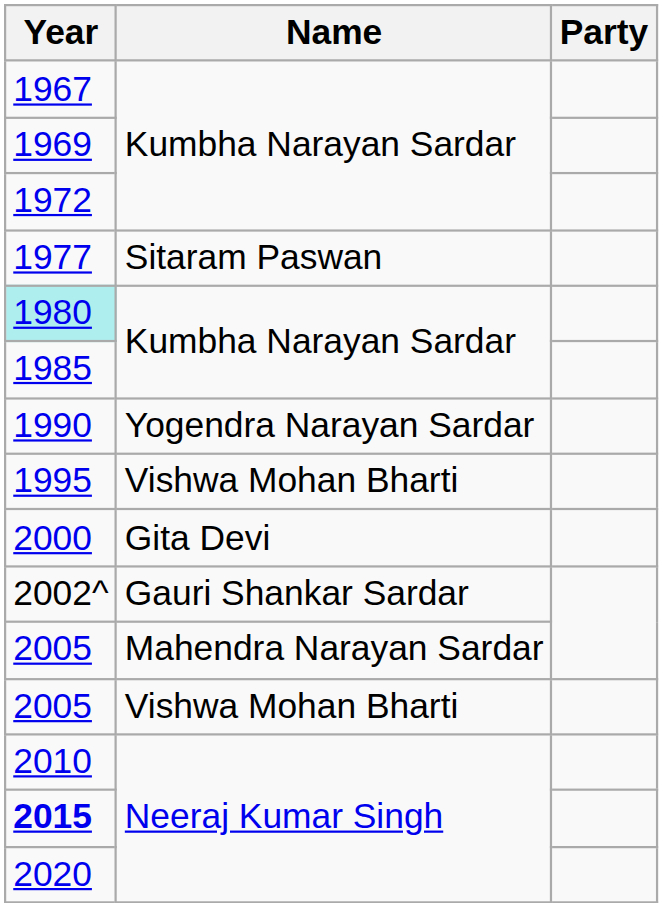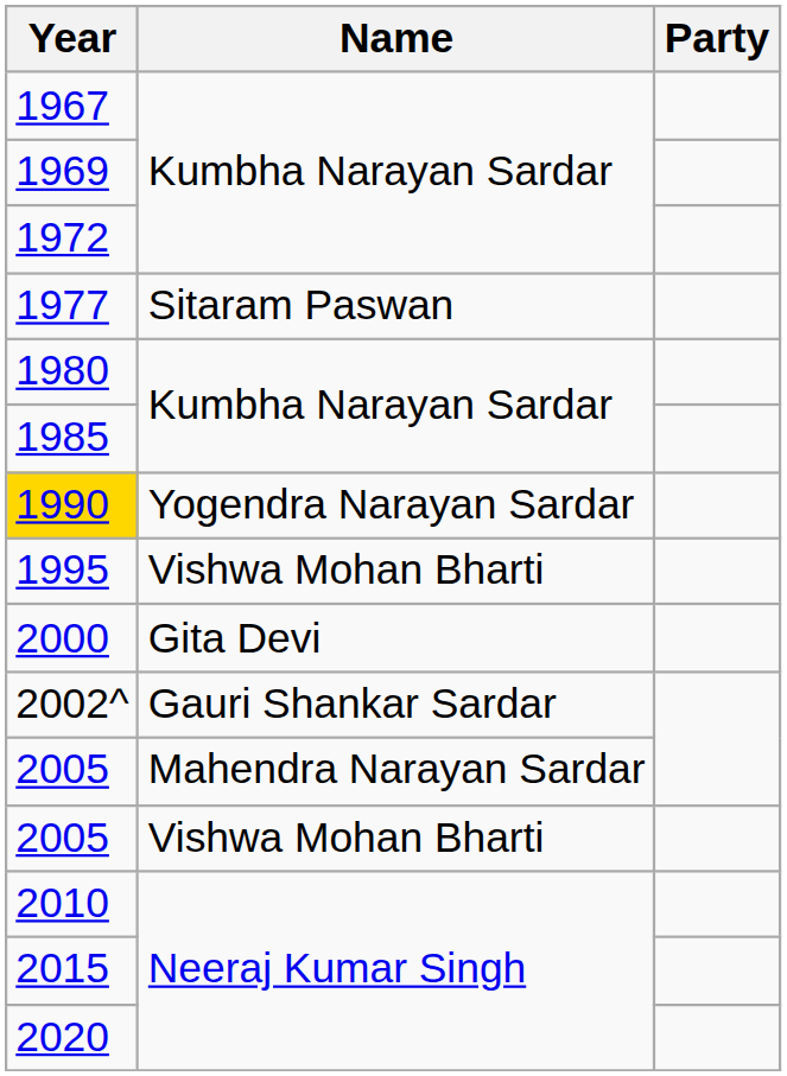 <table class="wikitable sortable">
 <tr>
 <th>Year</th>
 <th>Name</th>
 <th colspan="2">Party</th>
 </tr>
 <tr>
 <td><a href='#'>1967</a></td>
 <td rowspan="3">Kumbha Narayan Sardar</td>
 <td></td>
 </tr>
 <tr>
 <td><a href='#'>1969</a></td>
 </tr>
 <tr>
 <td><a href='#'>1972</a></td>
 <td></td>
 </tr>
 <tr>
 <td><a href='#'>1977</a></td>
 <td>Sitaram Paswan</td>
 <td></td>
 </tr>
 <tr>
-<td style="background: paleturquoise;"><a href='#'>1980</a></td>
+<td><a href='#'>1980</a></td>
 <td rowspan="2">Kumbha Narayan Sardar</td>
 <td></td>
 </tr>
 <tr>
 <td><a href='#'>1985</a></td>
 <td></td>
 </tr>
 <tr>
-<td><a href='#'>1990</a></td>
+<td style="background: gold;"><a href='#'>1990</a></td>
 <td>Yogendra Narayan Sardar</td>
 <td></td>
 </tr>
 <tr>
 <td><a href='#'>1995</a></td>
 <td>Vishwa Mohan Bharti</td>
 </tr>
 <tr>
 <td><a href='#'>2000</a></td>
 <td>Gita Devi</td>
 <td></td>
 </tr>
 <tr>
 <td>2002^</td>
 <td>Gauri Shankar Sardar</td>
 </tr>
 <tr>
 <td><a href='#'>2005</a></td>
 <td>Mahendra Narayan Sardar</td>
 </tr>
 <tr>
 <td><a href='#'>2005</a></td>
 <td>Vishwa Mohan Bharti</td>
 <td></td>
 </tr>
 <tr>
 <td><a href='#'>2010</a></td>
 <td rowspan="3"><a href='#'>Neeraj Kumar Singh</a></td>
 </tr>
 <tr>
-<td><strong><a href='#'>2015</a></strong></td>
+<td><a href='#'>2015</a></td>
 <td></td>
 </tr>
 <tr>
 <td><a href='#'>2020</a></td>
 </tr>
 </table>
